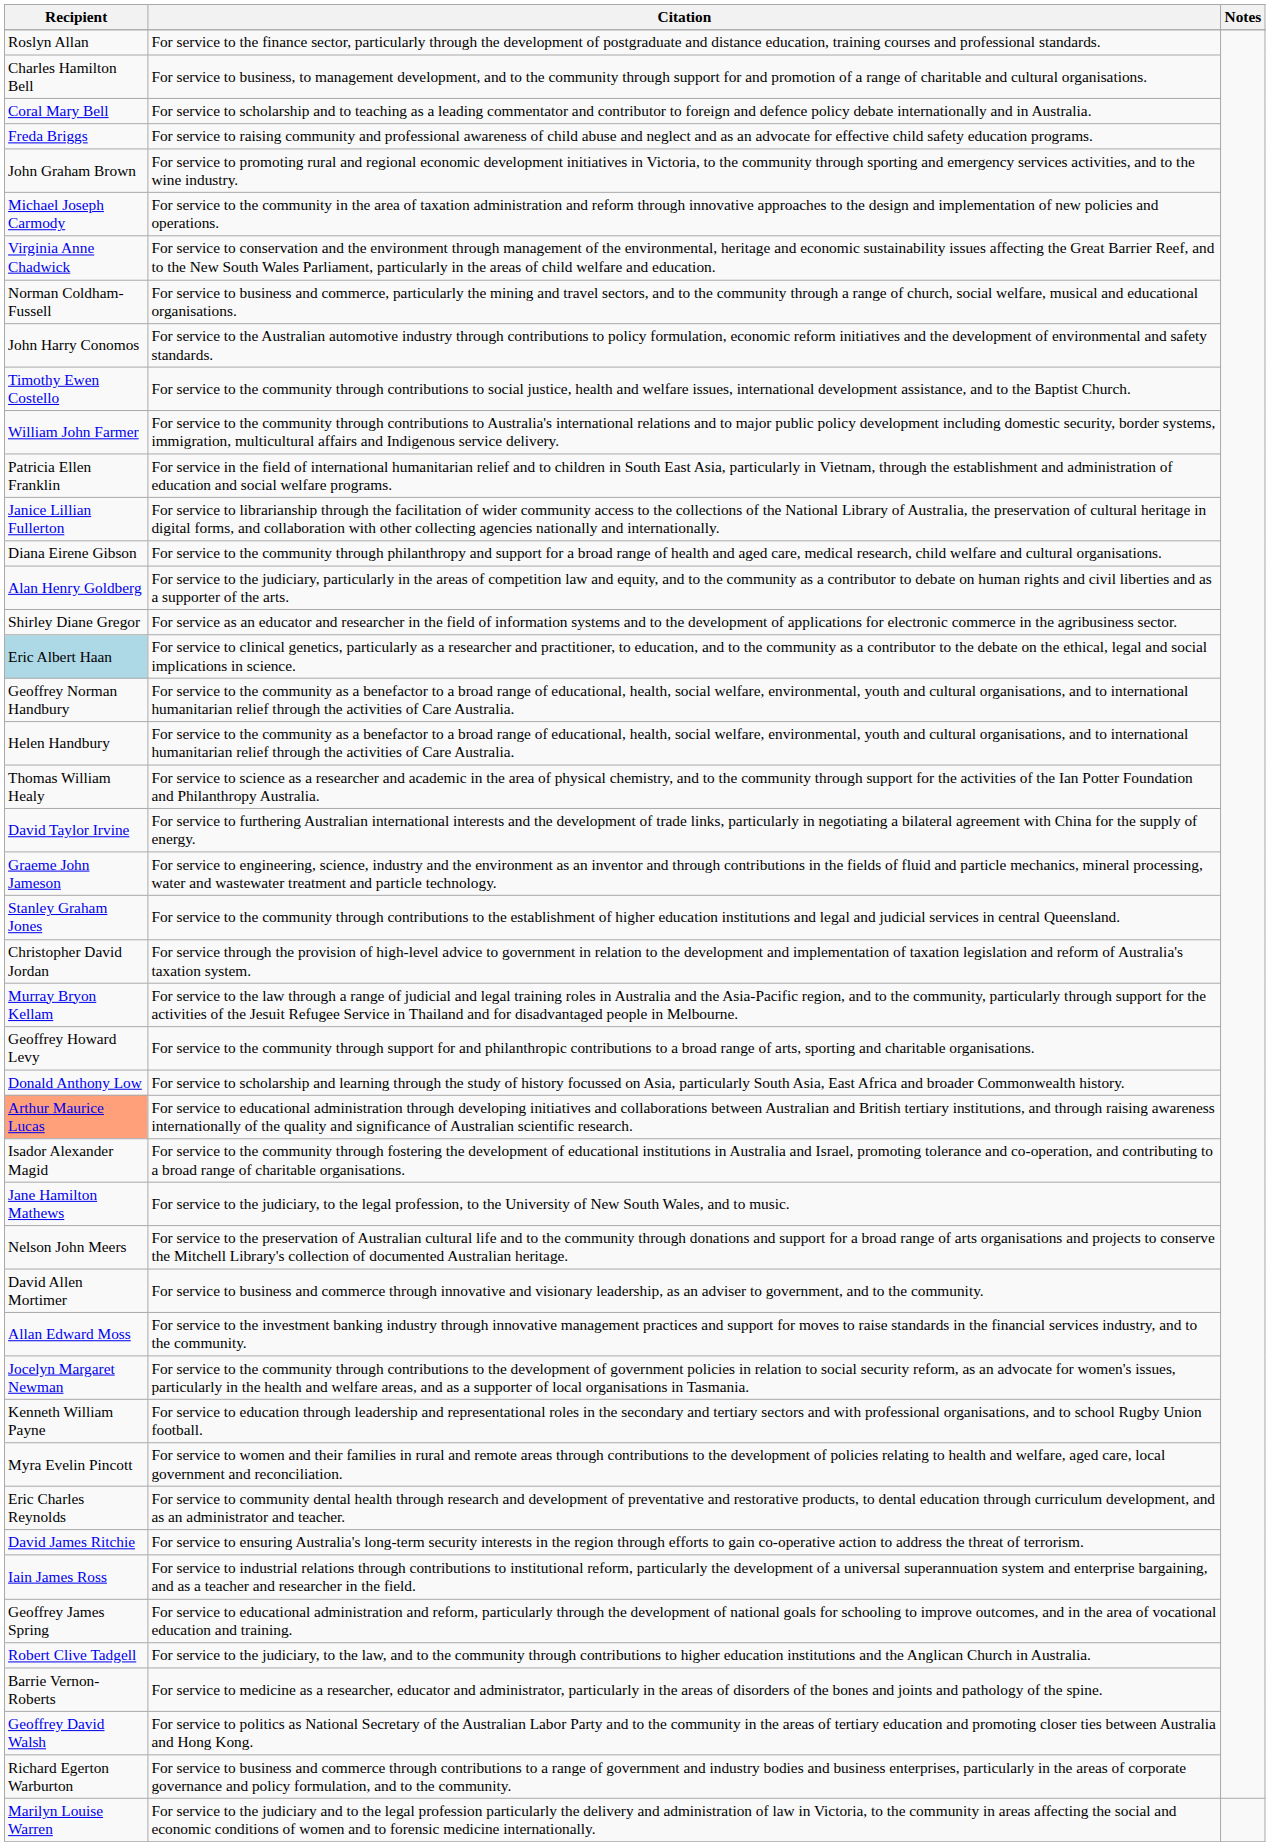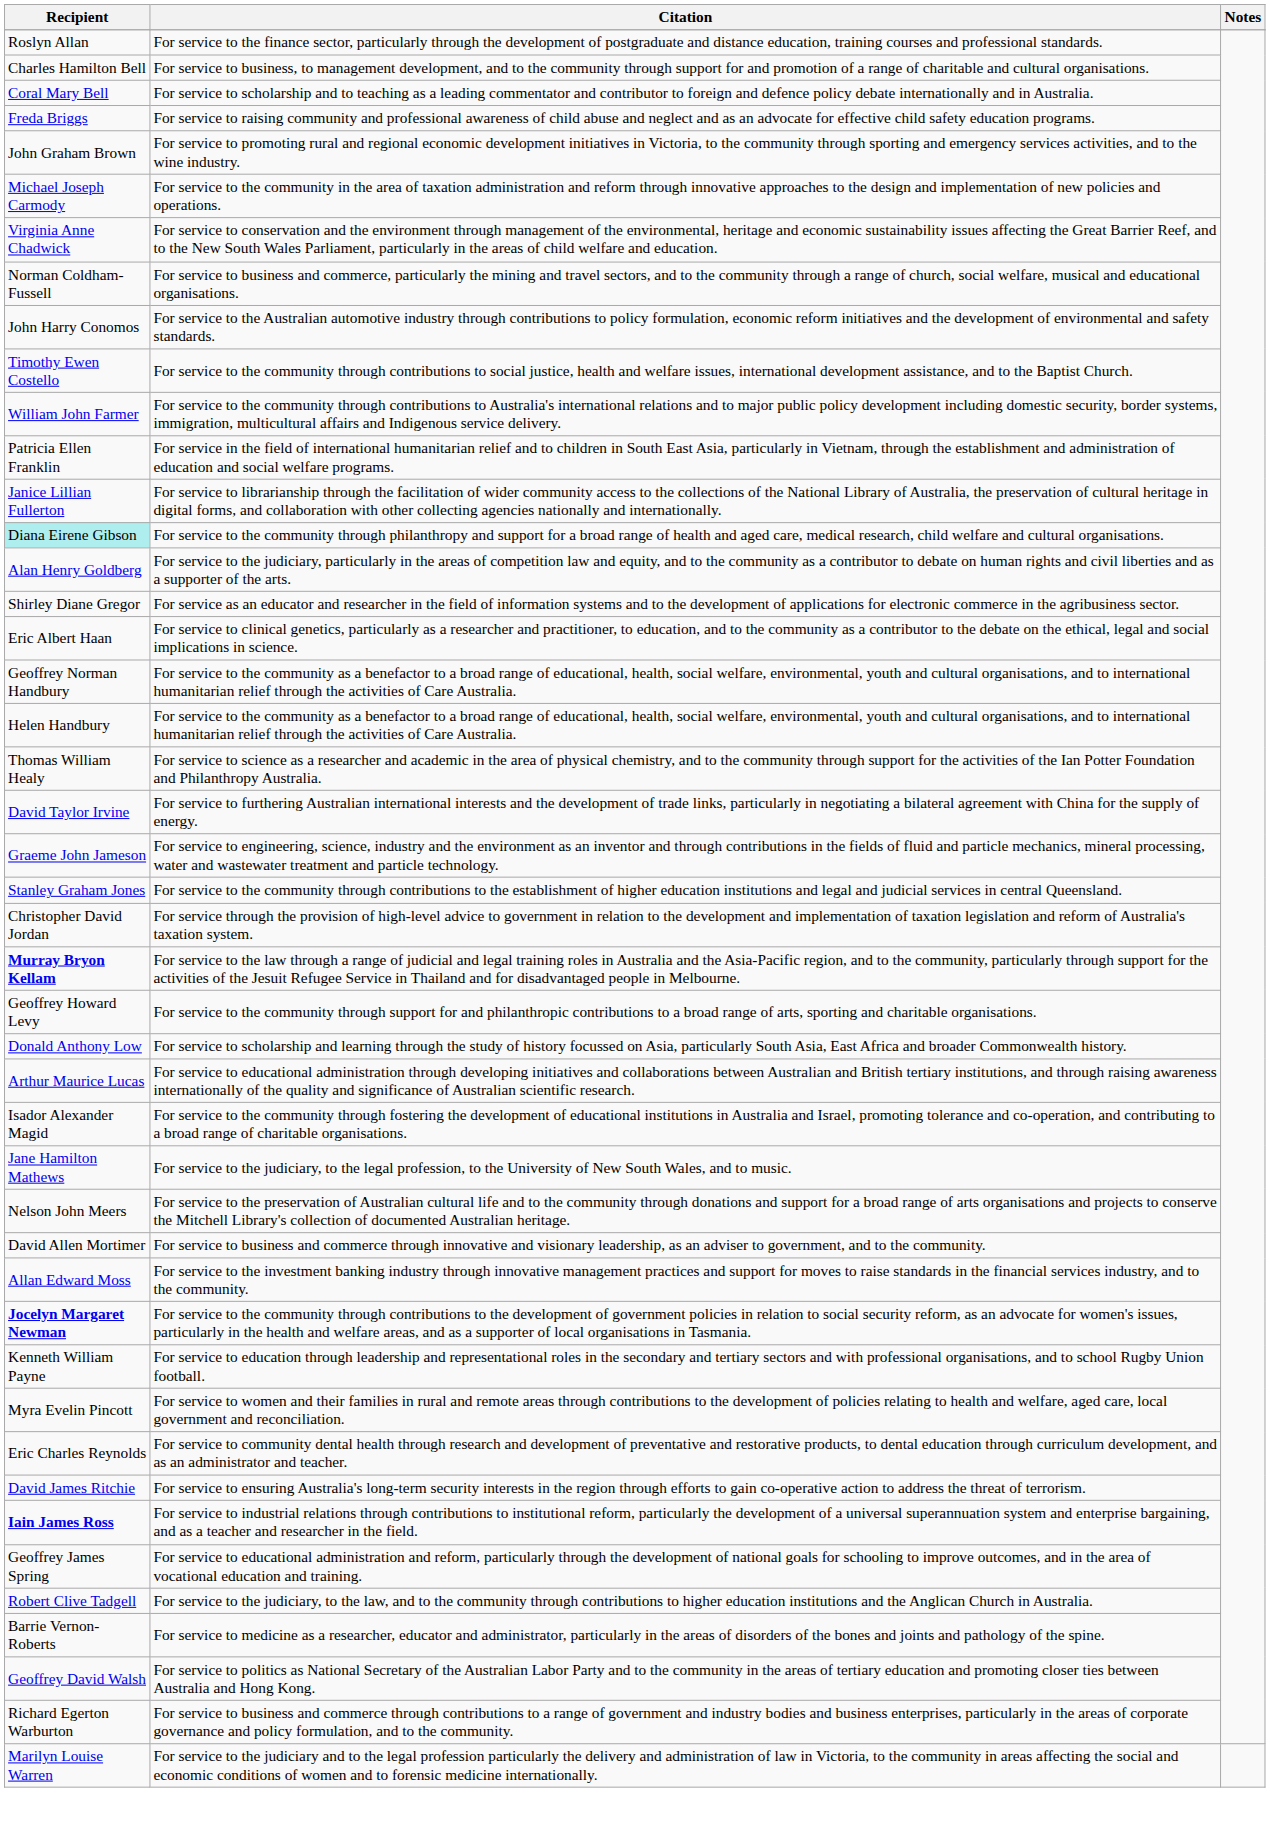 <table class="wikitable" style="font-size:95%;">
 <tr>
 <th>Recipient</th>
 <th>Citation</th>
 <th>Notes</th>
 </tr>
 <tr>
 </tr>
 <tr>
 <td>Roslyn Allan</td>
 <td>For service to the finance sector, particularly through the development of postgraduate and distance education, training courses and professional standards.</td>
 <td rowspan=44></td>
 </tr>
 <tr>
 <td>Charles Hamilton Bell</td>
 <td>For service to business, to management development, and to the community through support for and promotion of a range of charitable and cultural organisations.</td>
 </tr>
 <tr>
 <td> <a href='#'>Coral Mary Bell</a></td>
 <td>For service to scholarship and to teaching as a leading commentator and contributor to foreign and defence policy debate internationally and in Australia.</td>
 </tr>
 <tr>
 <td> <a href='#'>Freda Briggs</a></td>
 <td>For service to raising community and professional awareness of child abuse and neglect and as an advocate for effective child safety education programs.</td>
 </tr>
 <tr>
 <td>John Graham Brown</td>
 <td>For service to promoting rural and regional economic development initiatives in Victoria, to the community through sporting and emergency services activities, and to the wine industry.</td>
 </tr>
 <tr>
 <td><a href='#'>Michael Joseph Carmody</a></td>
 <td>For service to the community in the area of taxation administration and reform through innovative approaches to the design and implementation of new policies and operations.</td>
 </tr>
 <tr>
 <td><a href='#'>Virginia Anne Chadwick</a></td>
 <td>For service to conservation and the environment through management of the environmental, heritage and economic sustainability issues affecting the Great Barrier Reef, and to the New South Wales Parliament, particularly in the areas of child welfare and education.</td>
 </tr>
 <tr>
 <td>Norman Coldham-Fussell</td>
 <td>For service to business and commerce, particularly the mining and travel sectors, and to the community through a range of church, social welfare, musical and educational organisations.</td>
 </tr>
 <tr>
 <td>John Harry Conomos</td>
 <td>For service to the Australian automotive industry through contributions to policy formulation, economic reform initiatives and the development of environmental and safety standards.</td>
 </tr>
 <tr>
 <td> <a href='#'>Timothy Ewen Costello</a></td>
 <td>For service to the community through contributions to social justice, health and welfare issues, international development assistance, and to the Baptist Church.</td>
 </tr>
 <tr>
 <td><a href='#'>William John Farmer</a></td>
 <td>For service to the community through contributions to Australia's international relations and to major public policy development including domestic security, border systems, immigration, multicultural affairs and Indigenous service delivery.</td>
 </tr>
 <tr>
 <td> Patricia Ellen Franklin</td>
 <td>For service in the field of international humanitarian relief and to children in South East Asia, particularly in Vietnam, through the establishment and administration of education and social welfare programs.</td>
 </tr>
 <tr>
 <td><a href='#'>Janice Lillian Fullerton</a></td>
 <td>For service to librarianship through the facilitation of wider community access to the collections of the National Library of Australia, the preservation of cultural heritage in digital forms, and collaboration with other collecting agencies nationally and internationally.</td>
 </tr>
 <tr>
-<td>Diana Eirene Gibson</td>
+<td style="background: paleturquoise;">Diana Eirene Gibson</td>
 <td>For service to the community through philanthropy and support for a broad range of health and aged care, medical research, child welfare and cultural organisations.</td>
 </tr>
 <tr>
 <td> <a href='#'>Alan Henry Goldberg</a></td>
 <td>For service to the judiciary, particularly in the areas of competition law and equity, and to the community as a contributor to debate on human rights and civil liberties and as a supporter of the arts.</td>
 </tr>
 <tr>
 <td> Shirley Diane Gregor</td>
 <td>For service as an educator and researcher in the field of information systems and to the development of applications for electronic commerce in the agribusiness sector.</td>
 </tr>
 <tr>
-<td style="background: lightblue;"> Eric Albert Haan</td>
+<td> Eric Albert Haan</td>
 <td>For service to clinical genetics, particularly as a researcher and practitioner, to education, and to the community as a contributor to the debate on the ethical, legal and social implications in science.</td>
 </tr>
 <tr>
 <td>Geoffrey Norman Handbury</td>
 <td>For service to the community as a benefactor to a broad range of educational, health, social welfare, environmental, youth and cultural organisations, and to international humanitarian relief through the activities of Care Australia.</td>
 </tr>
 <tr>
 <td>Helen Handbury</td>
 <td>For service to the community as a benefactor to a broad range of educational, health, social welfare, environmental, youth and cultural organisations, and to international humanitarian relief through the activities of Care Australia.</td>
 </tr>
 <tr>
 <td> Thomas William Healy</td>
 <td>For service to science as a researcher and academic in the area of physical chemistry, and to the community through support for the activities of the Ian Potter Foundation and Philanthropy Australia.</td>
 </tr>
 <tr>
 <td><a href='#'>David Taylor Irvine</a></td>
 <td>For service to furthering Australian international interests and the development of trade links, particularly in negotiating a bilateral agreement with China for the supply of energy.</td>
 </tr>
 <tr>
 <td> <a href='#'>Graeme John Jameson</a></td>
 <td>For service to engineering, science, industry and the environment as an inventor and through contributions in the fields of fluid and particle mechanics, mineral processing, water and wastewater treatment and particle technology.</td>
 </tr>
 <tr>
 <td> <a href='#'>Stanley Graham Jones</a></td>
 <td>For service to the community through contributions to the establishment of higher education institutions and legal and judicial services in central Queensland.</td>
 </tr>
 <tr>
 <td>Christopher David Jordan</td>
 <td>For service through the provision of high-level advice to government in relation to the development and implementation of taxation legislation and reform of Australia's taxation system.</td>
 </tr>
 <tr>
-<td> <a href='#'>Murray Bryon Kellam</a></td>
+<td><strong> <a href='#'>Murray Bryon Kellam</a></strong></td>
 <td>For service to the law through a range of judicial and legal training roles in Australia and the Asia-Pacific region, and to the community, particularly through support for the activities of the Jesuit Refugee Service in Thailand and for disadvantaged people in Melbourne.</td>
 </tr>
 <tr>
 <td>Geoffrey Howard Levy</td>
 <td>For service to the community through support for and philanthropic contributions to a broad range of arts, sporting and charitable organisations.</td>
 </tr>
 <tr>
 <td> <a href='#'>Donald Anthony Low</a></td>
 <td>For service to scholarship and learning through the study of history focussed on Asia, particularly South Asia, East Africa and broader Commonwealth history.</td>
 </tr>
 <tr>
-<td style="background: lightsalmon;"> <a href='#'>Arthur Maurice Lucas</a></td>
+<td> <a href='#'>Arthur Maurice Lucas</a></td>
 <td>For service to educational administration through developing initiatives and collaborations between Australian and British tertiary institutions, and through raising awareness internationally of the quality and significance of Australian scientific research.</td>
 </tr>
 <tr>
 <td>Isador Alexander Magid</td>
 <td>For service to the community through fostering the development of educational institutions in Australia and Israel, promoting tolerance and co-operation, and contributing to a broad range of charitable organisations.</td>
 </tr>
 <tr>
 <td> <a href='#'>Jane Hamilton Mathews</a></td>
 <td>For service to the judiciary, to the legal profession, to the University of New South Wales, and to music.</td>
 </tr>
 <tr>
 <td>Nelson John Meers</td>
 <td>For service to the preservation of Australian cultural life and to the community through donations and support for a broad range of arts organisations and projects to conserve the Mitchell Library's collection of documented Australian heritage.</td>
 </tr>
 <tr>
 <td>David Allen Mortimer</td>
 <td>For service to business and commerce through innovative and visionary leadership, as an adviser to government, and to the community.</td>
 </tr>
 <tr>
 <td><a href='#'>Allan Edward Moss</a></td>
 <td>For service to the investment banking industry through innovative management practices and support for moves to raise standards in the financial services industry, and to the community.</td>
 </tr>
 <tr>
-<td> <a href='#'>Jocelyn Margaret Newman</a></td>
+<td><strong> <a href='#'>Jocelyn Margaret Newman</a></strong></td>
 <td>For service to the community through contributions to the development of government policies in relation to social security reform, as an advocate for women's issues, particularly in the health and welfare areas, and as a supporter of local organisations in Tasmania.</td>
 </tr>
 <tr>
 <td> Kenneth William Payne</td>
 <td>For service to education through leadership and representational roles in the secondary and tertiary sectors and with professional organisations, and to school Rugby Union football.</td>
 </tr>
 <tr>
 <td>Myra Evelin Pincott</td>
 <td>For service to women and their families in rural and remote areas through contributions to the development of policies relating to health and welfare, aged care, local government and reconciliation.</td>
 </tr>
 <tr>
 <td> Eric Charles Reynolds</td>
 <td>For service to community dental health through research and development of preventative and restorative products, to dental education through curriculum development, and as an administrator and teacher.</td>
 </tr>
 <tr>
 <td> <a href='#'>David James Ritchie</a></td>
 <td>For service to ensuring Australia's long-term security interests in the region through efforts to gain co-operative action to address the threat of terrorism.</td>
 </tr>
 <tr>
-<td> <a href='#'>Iain James Ross</a></td>
+<td><strong> <a href='#'>Iain James Ross</a></strong></td>
 <td>For service to industrial relations through contributions to institutional reform, particularly the development of a universal superannuation system and enterprise bargaining, and as a teacher and researcher in the field.</td>
 </tr>
 <tr>
 <td>Geoffrey James Spring</td>
 <td>For service to educational administration and reform, particularly through the development of national goals for schooling to improve outcomes, and in the area of vocational education and training.</td>
 </tr>
 <tr>
 <td> <a href='#'>Robert Clive Tadgell</a></td>
 <td>For service to the judiciary, to the law, and to the community through contributions to higher education institutions and the Anglican Church in Australia.</td>
 </tr>
 <tr>
 <td> Barrie Vernon-Roberts</td>
 <td>For service to medicine as a researcher, educator and administrator, particularly in the areas of disorders of the bones and joints and pathology of the spine.</td>
 </tr>
 <tr>
 <td><a href='#'>Geoffrey David Walsh</a></td>
 <td>For service to politics as National Secretary of the Australian Labor Party and to the community in the areas of tertiary education and promoting closer ties between Australia and Hong Kong.</td>
 </tr>
 <tr>
 <td>Richard Egerton Warburton</td>
 <td>For service to business and commerce through contributions to a range of government and industry bodies and business enterprises, particularly in the areas of corporate governance and policy formulation, and to the community.</td>
 </tr>
 <tr>
 <td> <a href='#'>Marilyn Louise Warren</a></td>
 <td>For service to the judiciary and to the legal profession particularly the delivery and administration of law in Victoria, to the community in areas affecting the social and economic conditions of women and to forensic medicine internationally.</td>
 </tr>
 </table>
